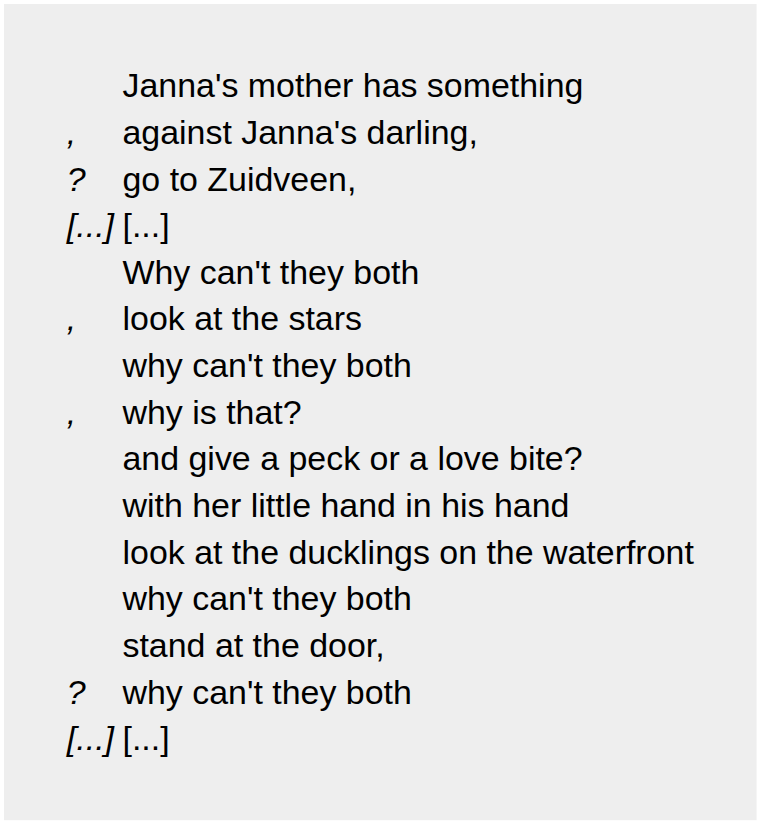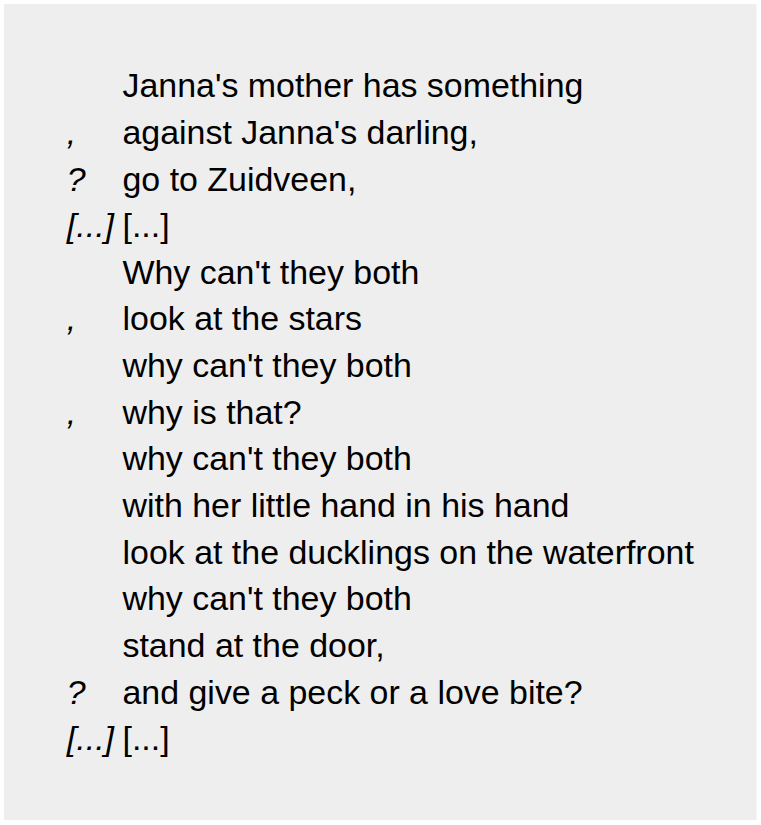 <table style="padding:20pt; background-color:#EEEEEE; margin:5pt 0pt 5pt 0pt">
 <tr>
 <td><em></em></td>
 <td>Janna's mother has something</td>
 </tr>
 <tr>
 <td><em>,</em></td>
 <td>against Janna's darling,</td>
 </tr>
 <tr>
 <td><em>?</em></td>
 <td>go to Zuidveen,</td>
 </tr>
 <tr>
 <td><em>[...]</em></td>
 <td>[...]</td>
 </tr>
 <tr>
 <td><em></em></td>
 <td>Why can't they both</td>
 </tr>
 <tr>
 <td><em>,</em></td>
 <td>look at the stars</td>
 </tr>
 <tr>
 <td><em></em></td>
 <td>why can't they both</td>
 </tr>
 <tr>
 <td><em>,</em></td>
 <td>why is that?</td>
 </tr>
 <tr>
 <td><em></em></td>
-<td>and give a peck or a love bite?</td>
+<td>why can't they both</td>
 </tr>
 <tr>
 <td><em></em></td>
 <td>with her little hand in his hand</td>
 </tr>
 <tr>
 <td><em></em></td>
 <td>look at the ducklings on the waterfront</td>
 </tr>
 <tr>
 <td><em></em></td>
 <td>why can't they both</td>
 </tr>
 <tr>
 <td><em></em></td>
 <td>stand at the door,</td>
 </tr>
 <tr>
 <td><em>?</em></td>
-<td>why can't they both</td>
+<td>and give a peck or a love bite?</td>
 </tr>
 <tr>
 <td><em>[...]</em></td>
 <td>[...]</td>
 </tr>
 </table>
